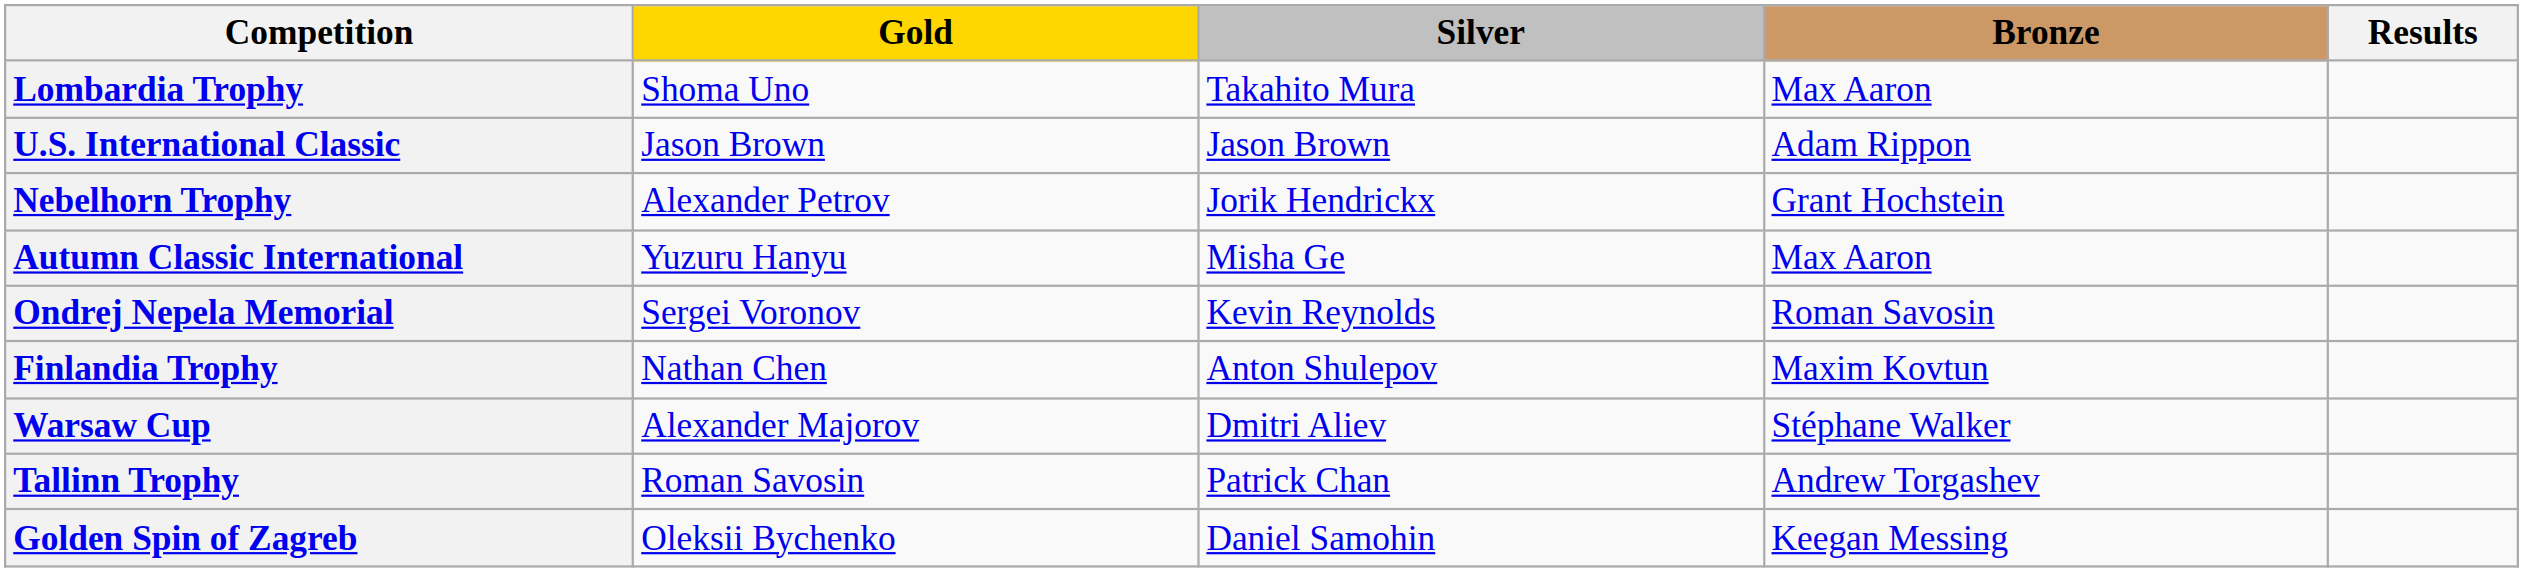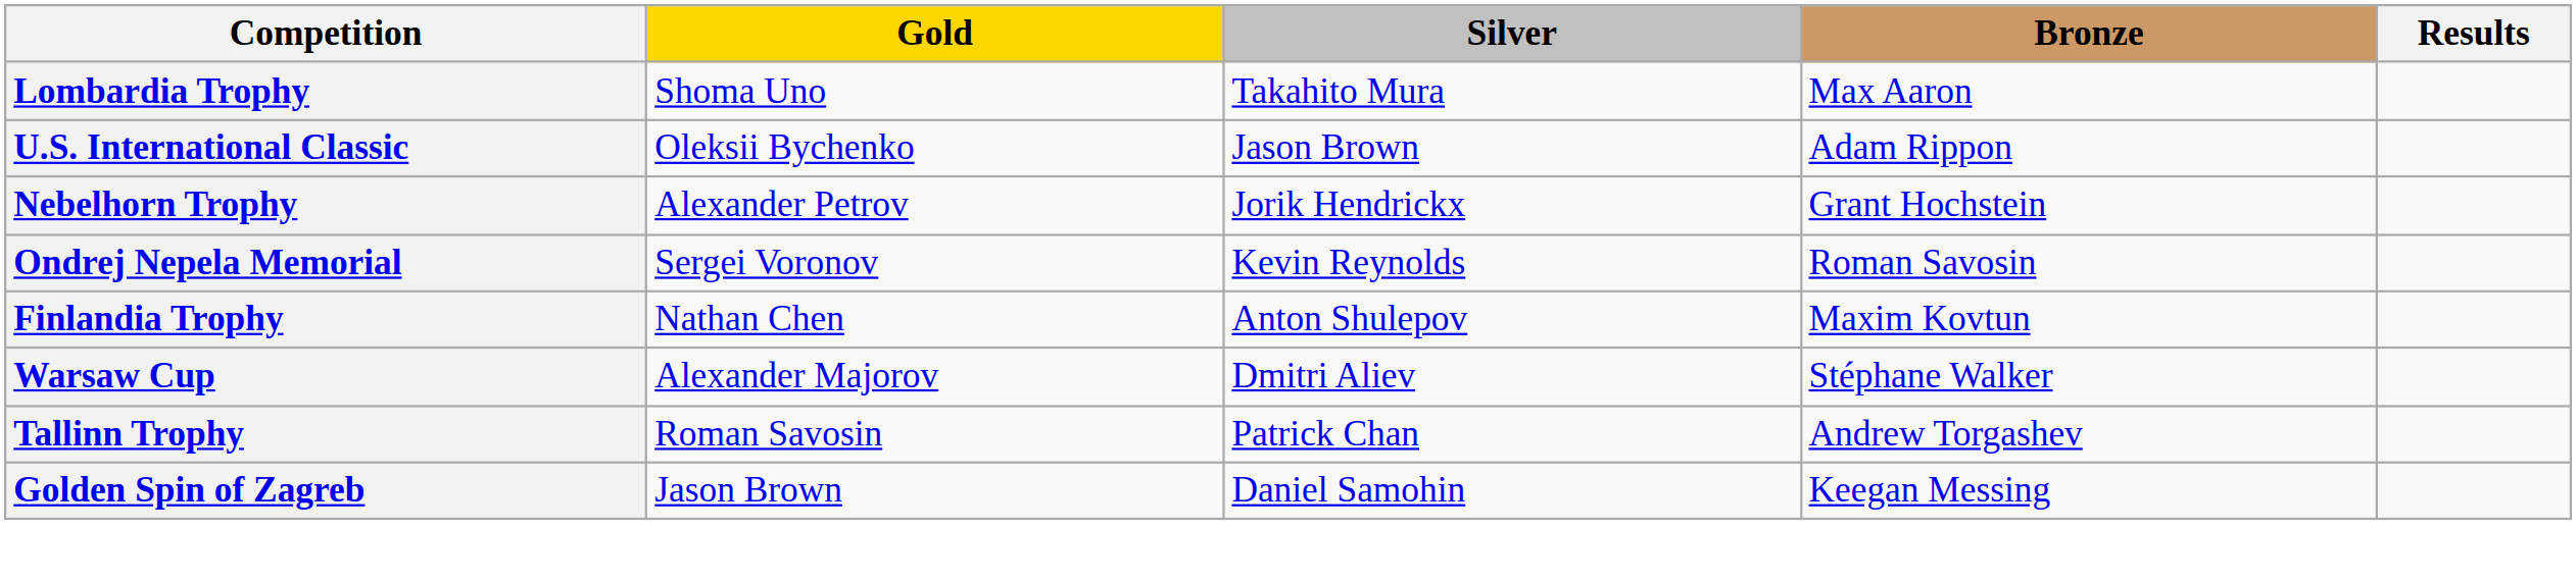 <table class="wikitable unsortable" style="text-align:left; width:90%;">
 <tr>
 <th scope="col" style="text-align:center; width:25%;">Competition</th>
 <td scope="col" style="text-align:center; width:22.5%; background:gold"><strong>Gold</strong></td>
 <td scope="col" style="text-align:center; width:22.5%; background:silver"><strong>Silver</strong></td>
 <td scope="col" style="text-align:center; width:22.5%; background:#c96"><strong>Bronze</strong></td>
 <th scope="col" style="text-align:center; width:7.5%;">Results</th>
 </tr>
 <tr>
 <th scope="row" style="text-align:left"> <a href='#'>Lombardia Trophy</a></th>
 <td> <a href='#'>Shoma Uno</a></td>
 <td> <a href='#'>Takahito Mura</a></td>
 <td> <a href='#'>Max Aaron</a></td>
 <td></td>
 </tr>
 <tr>
 <th scope="row" style="text-align:left"> <a href='#'>U.S. International Classic</a></th>
-<td> <a href='#'>Jason Brown</a></td>
+<td> <a href='#'>Oleksii Bychenko</a></td>
 <td> <a href='#'>Jason Brown</a></td>
 <td> <a href='#'>Adam Rippon</a></td>
 <td></td>
 </tr>
 <tr>
 <th scope="row" style="text-align:left"> <a href='#'>Nebelhorn Trophy</a></th>
 <td> <a href='#'>Alexander Petrov</a></td>
 <td> <a href='#'>Jorik Hendrickx</a></td>
 <td> <a href='#'>Grant Hochstein</a></td>
-<td></td>
-</tr>
-<tr>
-<th scope="row" style="text-align:left"> <a href='#'>Autumn Classic International</a></th>
-<td> <a href='#'>Yuzuru Hanyu</a></td>
-<td> <a href='#'>Misha Ge</a></td>
-<td> <a href='#'>Max Aaron</a></td>
 <td></td>
 </tr>
 <tr>
 <th scope="row" style="text-align:left"> <a href='#'>Ondrej Nepela Memorial</a></th>
 <td> <a href='#'>Sergei Voronov</a></td>
 <td> <a href='#'>Kevin Reynolds</a></td>
 <td> <a href='#'>Roman Savosin</a></td>
 <td></td>
 </tr>
 <tr>
 <th scope="row" style="text-align:left"> <a href='#'>Finlandia Trophy</a></th>
 <td> <a href='#'>Nathan Chen</a></td>
 <td> <a href='#'>Anton Shulepov</a></td>
 <td> <a href='#'>Maxim Kovtun</a></td>
 <td></td>
 </tr>
 <tr>
 <th scope="row" style="text-align:left"> <a href='#'>Warsaw Cup</a></th>
 <td> <a href='#'>Alexander Majorov</a></td>
 <td> <a href='#'>Dmitri Aliev</a></td>
 <td> <a href='#'>Stéphane Walker</a></td>
 <td></td>
 </tr>
 <tr>
 <th scope="row" style="text-align:left"> <a href='#'>Tallinn Trophy</a></th>
 <td> <a href='#'>Roman Savosin</a></td>
 <td> <a href='#'>Patrick Chan</a></td>
 <td> <a href='#'>Andrew Torgashev</a></td>
 <td></td>
 </tr>
 <tr>
 <th scope="row" style="text-align:left"> <a href='#'>Golden Spin of Zagreb</a></th>
-<td> <a href='#'>Oleksii Bychenko</a></td>
+<td> <a href='#'>Jason Brown</a></td>
 <td> <a href='#'>Daniel Samohin</a></td>
 <td> <a href='#'>Keegan Messing</a></td>
 <td></td>
 </tr>
 </table>
